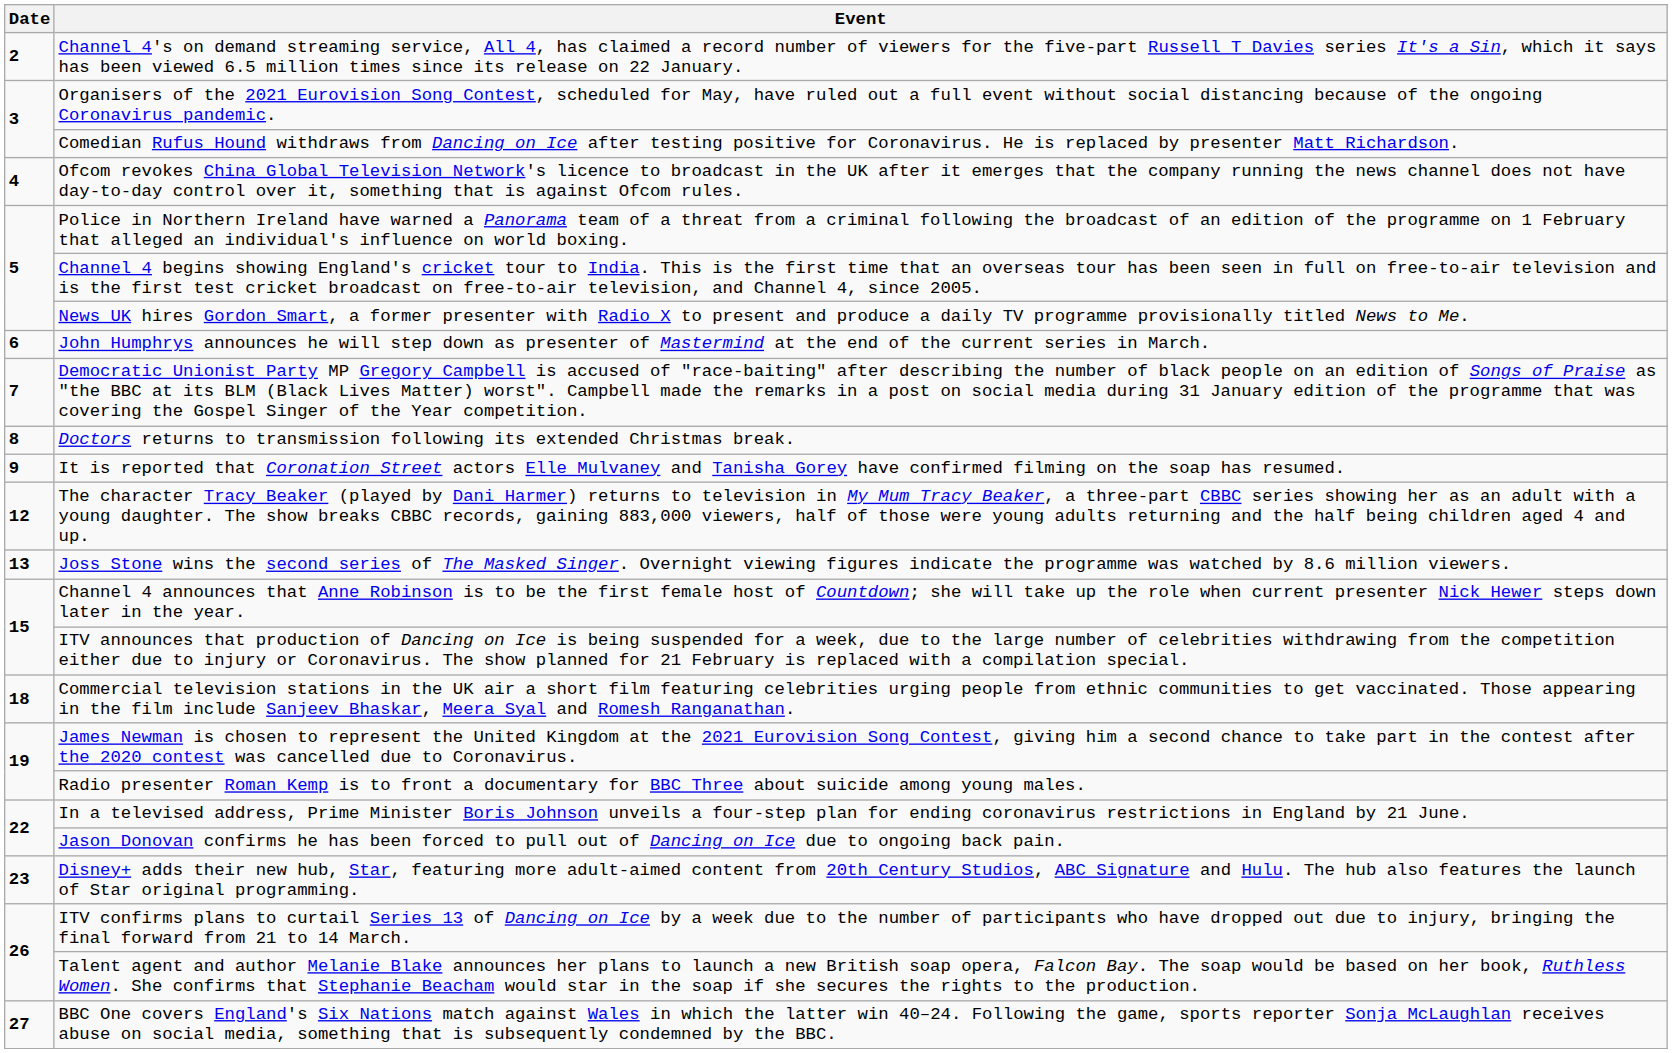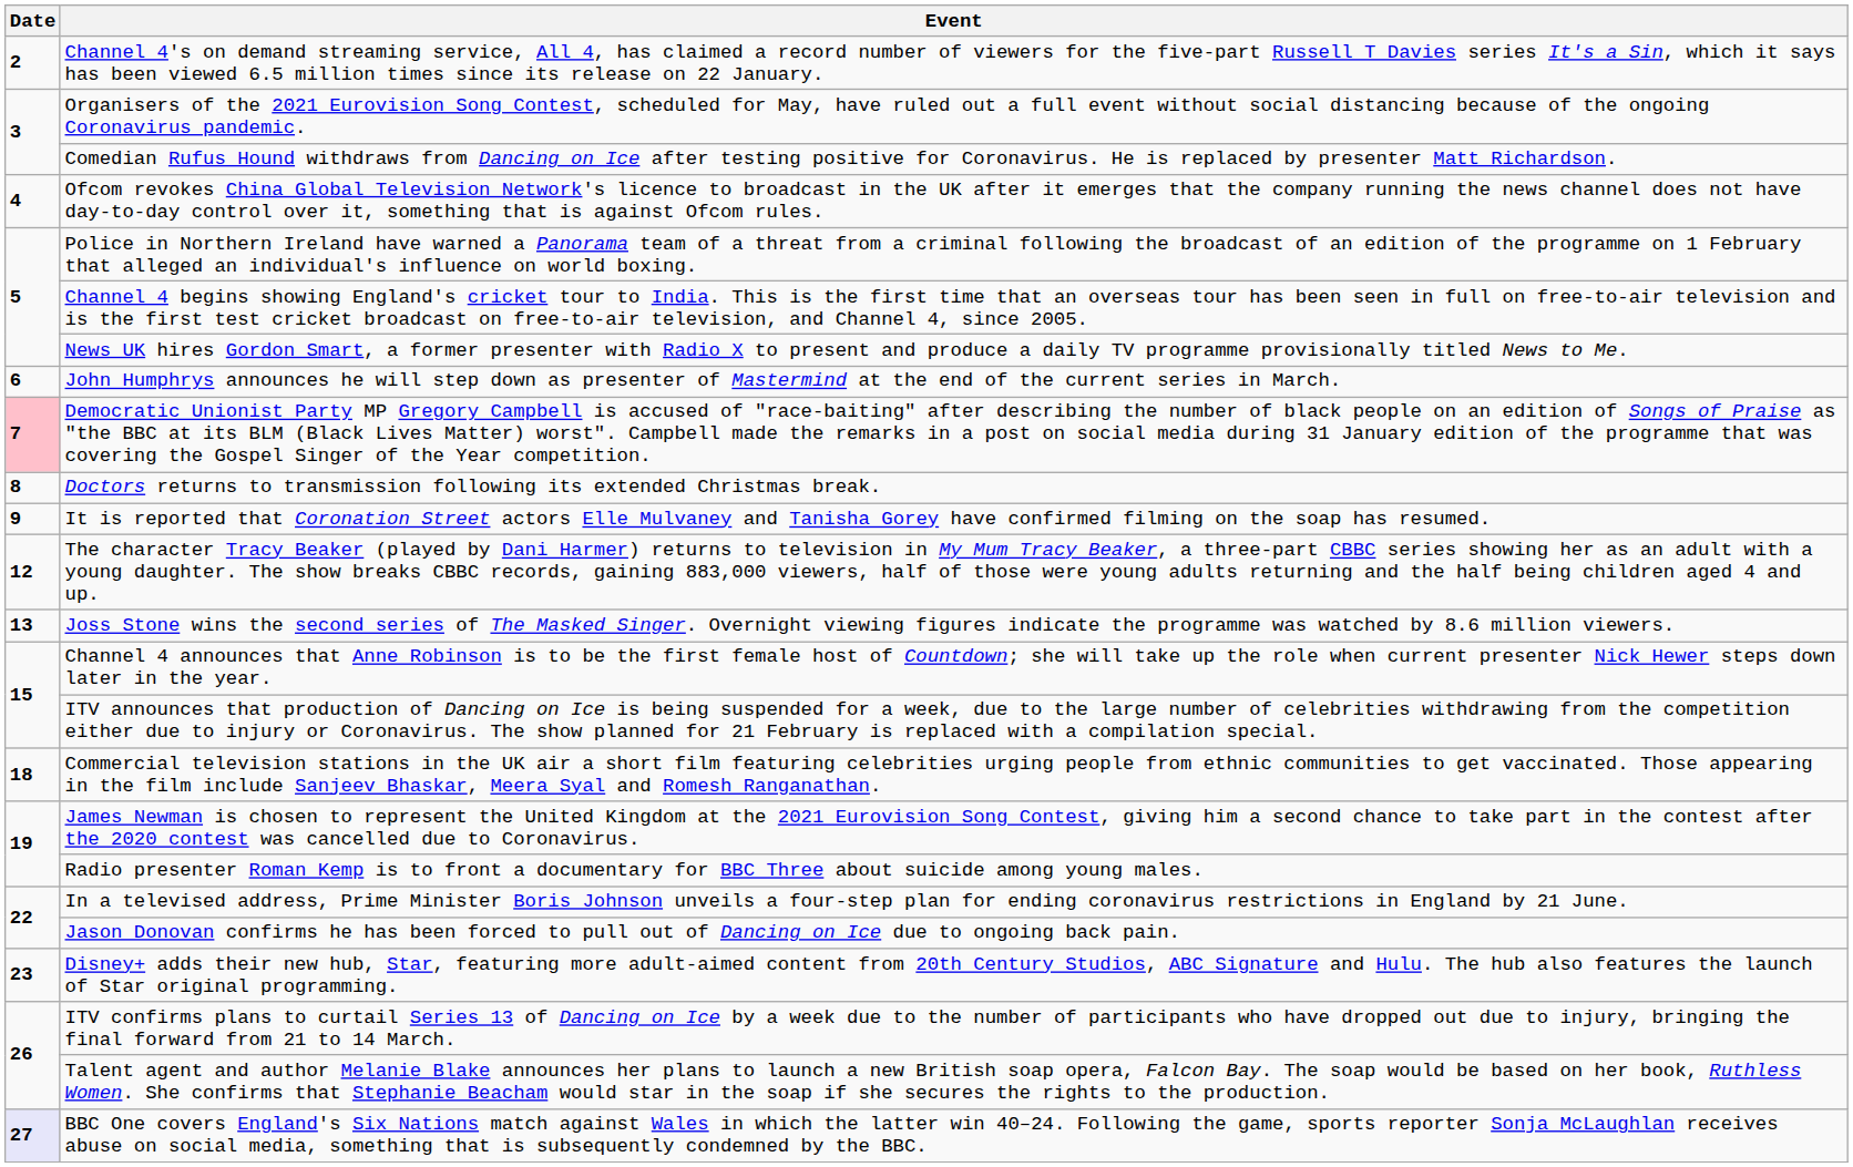 <table class="wikitable">
 <tr>
 <th>Date</th>
 <th>Event</th>
 </tr>
 <tr>
 <td><strong>2</strong></td>
 <td><a href='#'>Channel 4</a>'s on demand streaming service, <a href='#'>All 4</a>, has claimed a record number of viewers for the five-part <a href='#'>Russell T Davies</a> series <em><a href='#'>It's a Sin</a></em>, which it says has been viewed 6.5 million times since its release on 22 January.</td>
 </tr>
 <tr>
 <td rowspan=2><strong>3</strong></td>
 <td>Organisers of the <a href='#'>2021 Eurovision Song Contest</a>, scheduled for May, have ruled out a full event without social distancing because of the ongoing <a href='#'>Coronavirus pandemic</a>.</td>
 </tr>
 <tr>
 <td>Comedian <a href='#'>Rufus Hound</a> withdraws from <em><a href='#'>Dancing on Ice</a></em> after testing positive for Coronavirus. He is replaced by presenter <a href='#'>Matt Richardson</a>.</td>
 </tr>
 <tr>
 <td><strong>4</strong></td>
 <td>Ofcom revokes <a href='#'>China Global Television Network</a>'s licence to broadcast in the UK after it emerges that the company running the news channel does not have day-to-day control over it, something that is against Ofcom rules.</td>
 </tr>
 <tr>
 <td rowspan=3><strong>5</strong></td>
 <td>Police in Northern Ireland have warned a <em><a href='#'>Panorama</a></em> team of a threat from a criminal following the broadcast of an edition of the programme on 1 February that alleged an individual's influence on world boxing.</td>
 </tr>
 <tr>
 <td><a href='#'>Channel 4</a> begins showing England's <a href='#'>cricket</a> tour to <a href='#'>India</a>. This is the first time that an overseas tour has been seen in full on free-to-air television and is the first test cricket broadcast on free-to-air television, and Channel 4, since 2005.</td>
 </tr>
 <tr>
 <td><a href='#'>News UK</a> hires <a href='#'>Gordon Smart</a>, a former presenter with <a href='#'>Radio X</a> to present and produce a daily TV programme provisionally titled <em>News to Me</em>.</td>
 </tr>
 <tr>
 <td><strong>6</strong></td>
 <td><a href='#'>John Humphrys</a> announces he will step down as presenter of <em><a href='#'>Mastermind</a></em> at the end of the current series in March.</td>
 </tr>
 <tr>
-<td><strong>7</strong></td>
+<td style="background: pink;"><strong>7</strong></td>
 <td><a href='#'>Democratic Unionist Party</a> MP <a href='#'>Gregory Campbell</a> is accused of "race-baiting" after describing the number of black people on an edition of <em><a href='#'>Songs of Praise</a></em> as "the BBC at its BLM (Black Lives Matter) worst". Campbell made the remarks in a post on social media during 31 January edition of the programme that was covering the Gospel Singer of the Year competition.</td>
 </tr>
 <tr>
 <td><strong>8</strong></td>
 <td><em><a href='#'>Doctors</a></em> returns to transmission following its extended Christmas break.</td>
 </tr>
 <tr>
 <td><strong>9</strong></td>
 <td>It is reported that <em><a href='#'>Coronation Street</a></em> actors <a href='#'>Elle Mulvaney</a> and <a href='#'>Tanisha Gorey</a> have confirmed filming on the soap has resumed.</td>
 </tr>
 <tr>
 <td><strong>12</strong></td>
 <td>The character <a href='#'>Tracy Beaker</a> (played by <a href='#'>Dani Harmer</a>) returns to television in <em><a href='#'>My Mum Tracy Beaker</a></em>, a three-part <a href='#'>CBBC</a> series showing her as an adult with a young daughter. The show breaks CBBC records, gaining 883,000 viewers, half of those were young adults returning and the half being children aged 4 and up.</td>
 </tr>
 <tr>
 <td><strong>13</strong></td>
 <td><a href='#'>Joss Stone</a> wins the <a href='#'>second series</a> of <em><a href='#'>The Masked Singer</a></em>. Overnight viewing figures indicate the programme was watched by 8.6 million viewers.</td>
 </tr>
 <tr>
 <td rowspan=2><strong>15</strong></td>
 <td>Channel 4 announces that <a href='#'>Anne Robinson</a> is to be the first female host of <em><a href='#'>Countdown</a></em>; she will take up the role when current presenter <a href='#'>Nick Hewer</a> steps down later in the year.</td>
 </tr>
 <tr>
 <td>ITV announces that production of <em>Dancing on Ice</em> is being suspended for a week, due to the large number of celebrities withdrawing from the competition either due to injury or Coronavirus. The show planned for 21 February is replaced with a compilation special.</td>
 </tr>
 <tr>
 <td><strong>18</strong></td>
 <td>Commercial television stations in the UK air a short film featuring celebrities urging people from ethnic communities to get vaccinated. Those appearing in the film include <a href='#'>Sanjeev Bhaskar</a>, <a href='#'>Meera Syal</a> and <a href='#'>Romesh Ranganathan</a>.</td>
 </tr>
 <tr>
 <td rowspan=2><strong>19</strong></td>
 <td><a href='#'>James Newman</a> is chosen to represent the United Kingdom at the <a href='#'>2021 Eurovision Song Contest</a>, giving him a second chance to take part in the contest after <a href='#'>the 2020 contest</a> was cancelled due to Coronavirus.</td>
 </tr>
 <tr>
 <td>Radio presenter <a href='#'>Roman Kemp</a> is to front a documentary for <a href='#'>BBC Three</a> about suicide among young males.</td>
 </tr>
 <tr>
 <td rowspan=2><strong>22</strong></td>
 <td>In a televised address, Prime Minister <a href='#'>Boris Johnson</a> unveils a four-step plan for ending coronavirus restrictions in England by 21 June.</td>
 </tr>
 <tr>
 <td><a href='#'>Jason Donovan</a> confirms he has been forced to pull out of <em><a href='#'>Dancing on Ice</a></em> due to ongoing back pain.</td>
 </tr>
 <tr>
 <td><strong>23</strong></td>
 <td><a href='#'>Disney+</a> adds their new hub, <a href='#'>Star</a>, featuring more adult-aimed content from <a href='#'>20th Century Studios</a>, <a href='#'>ABC Signature</a> and <a href='#'>Hulu</a>. The hub also features the launch of Star original programming.</td>
 </tr>
 <tr>
 <td rowspan=2><strong>26</strong></td>
 <td>ITV confirms plans to curtail <a href='#'>Series 13</a> of <em><a href='#'>Dancing on Ice</a></em> by a week due to the number of participants who have dropped out due to injury, bringing the final forward from 21 to 14 March.</td>
 </tr>
 <tr>
 <td>Talent agent and author <a href='#'>Melanie Blake</a> announces her plans to launch a new British soap opera, <em>Falcon Bay</em>. The soap would be based on her book, <em><a href='#'>Ruthless Women</a></em>. She confirms that <a href='#'>Stephanie Beacham</a> would star in the soap if she secures the rights to the production.</td>
 </tr>
 <tr>
-<td><strong>27</strong></td>
+<td style="background: lavender;"><strong>27</strong></td>
 <td>BBC One covers <a href='#'>England</a>'s <a href='#'>Six Nations</a> match against <a href='#'>Wales</a> in which the latter win 40–24. Following the game, sports reporter <a href='#'>Sonja McLaughlan</a> receives abuse on social media, something that is subsequently condemned by the BBC.</td>
 </tr>
 <tr>
 </tr>
 </table>
